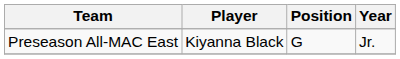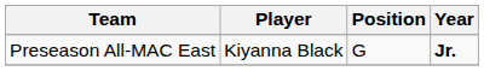 <table class="wikitable" border="1">
 <tr align=center>
 <th style= >Team</th>
 <th style= >Player</th>
 <th style= >Position</th>
 <th style= >Year</th>
 </tr>
 <tr align="center">
 </tr>
 <tr>
 <td>Preseason All-MAC East</td>
 <td>Kiyanna Black</td>
 <td>G</td>
-<td>Jr.</td>
+<td><strong>Jr.</strong></td>
 </tr>
 <tr>
 </tr>
 </table>
